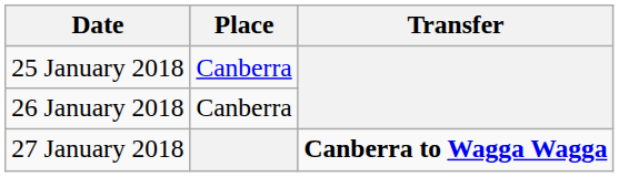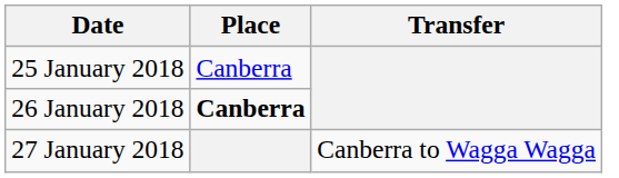 <table class="wikitable">
 <tr>
 <th>Date</th>
 <th>Place</th>
 <th>Transfer</th>
 </tr>
 <tr>
 <td>25 January 2018</td>
 <td><a href='#'>Canberra</a></td>
 <th rowspan="2"></th>
 </tr>
 <tr>
 <td>26 January 2018</td>
-<td>Canberra</td>
+<td><strong>Canberra</strong></td>
 </tr>
 <tr>
 <td>27 January 2018</td>
 <th></th>
-<td><strong>Canberra to <a href='#'>Wagga Wagga</a></strong></td>
+<td>Canberra to <a href='#'>Wagga Wagga</a></td>
 </tr>
 </table>
